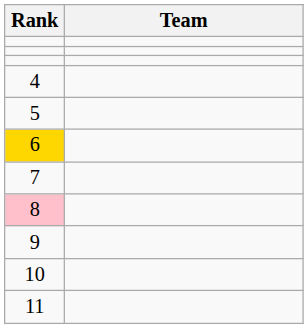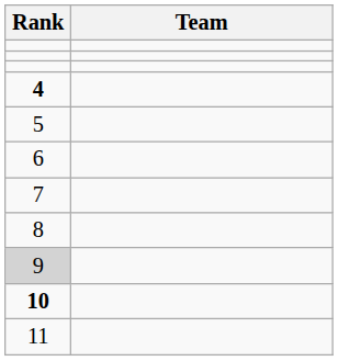 <table class="wikitable" style="text-align: center;">
 <tr>
 <th width=40>Rank</th>
 <th width=180>Team</th>
 </tr>
 <tr>
 <td></td>
 <td align=left></td>
 </tr>
 <tr>
 <td></td>
 <td align=left></td>
 </tr>
 <tr>
 <td></td>
 <td align=left></td>
 </tr>
 <tr>
-<td>4</td>
+<td><strong>4</strong></td>
 <td align=left></td>
 </tr>
 <tr>
 <td>5</td>
 <td align=left></td>
 </tr>
 <tr>
-<td style="background: gold;">6</td>
+<td>6</td>
 <td align=left></td>
 </tr>
 <tr>
 <td>7</td>
 <td align=left></td>
 </tr>
 <tr>
-<td style="background: pink;">8</td>
+<td>8</td>
 <td align=left></td>
 </tr>
 <tr>
-<td>9</td>
+<td style="background: lightgrey;">9</td>
 <td align=left></td>
 </tr>
 <tr>
-<td>10</td>
+<td><strong>10</strong></td>
 <td align=left></td>
 </tr>
 <tr>
 <td>11</td>
 <td align=left></td>
 </tr>
 </table>
